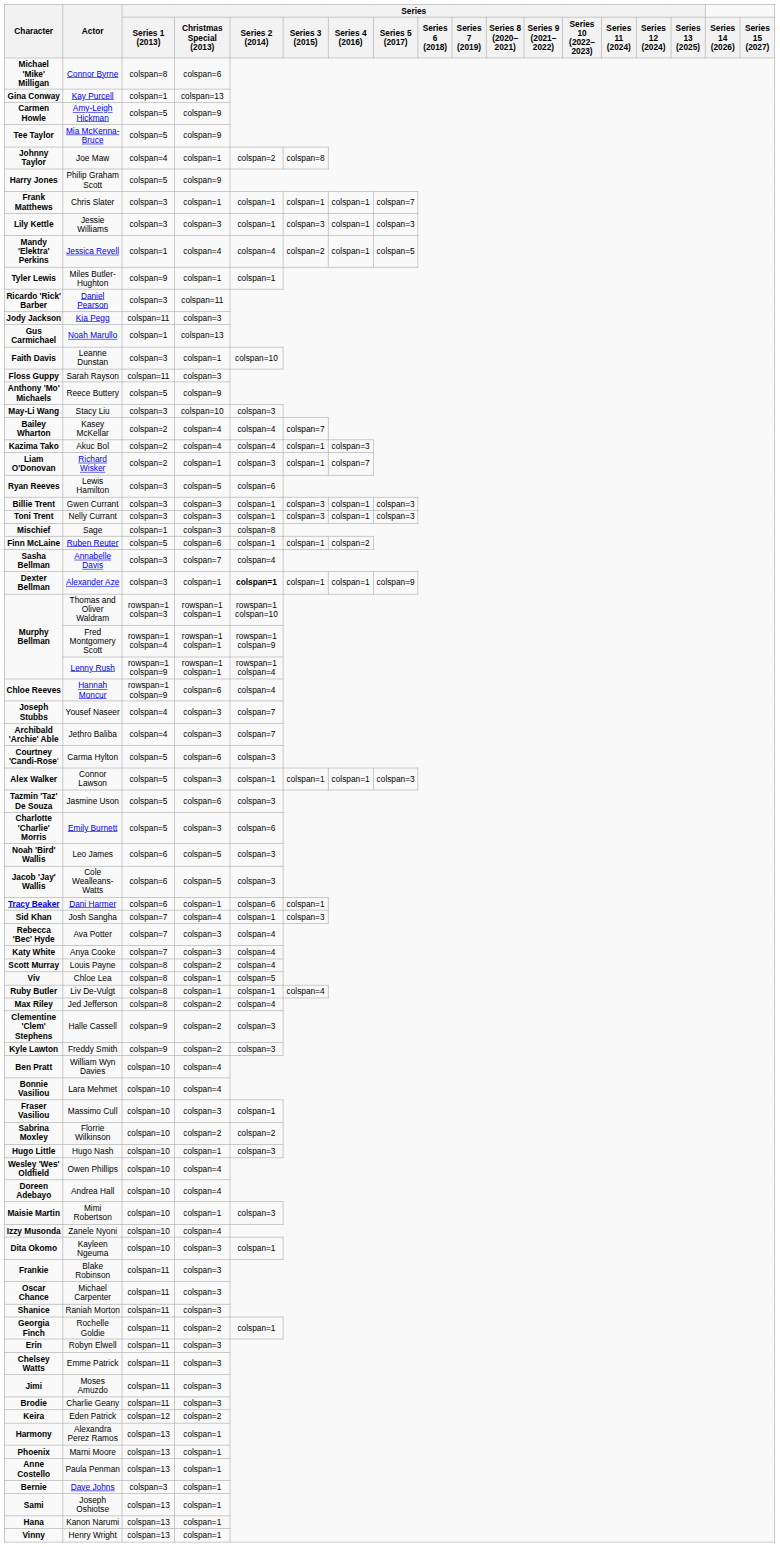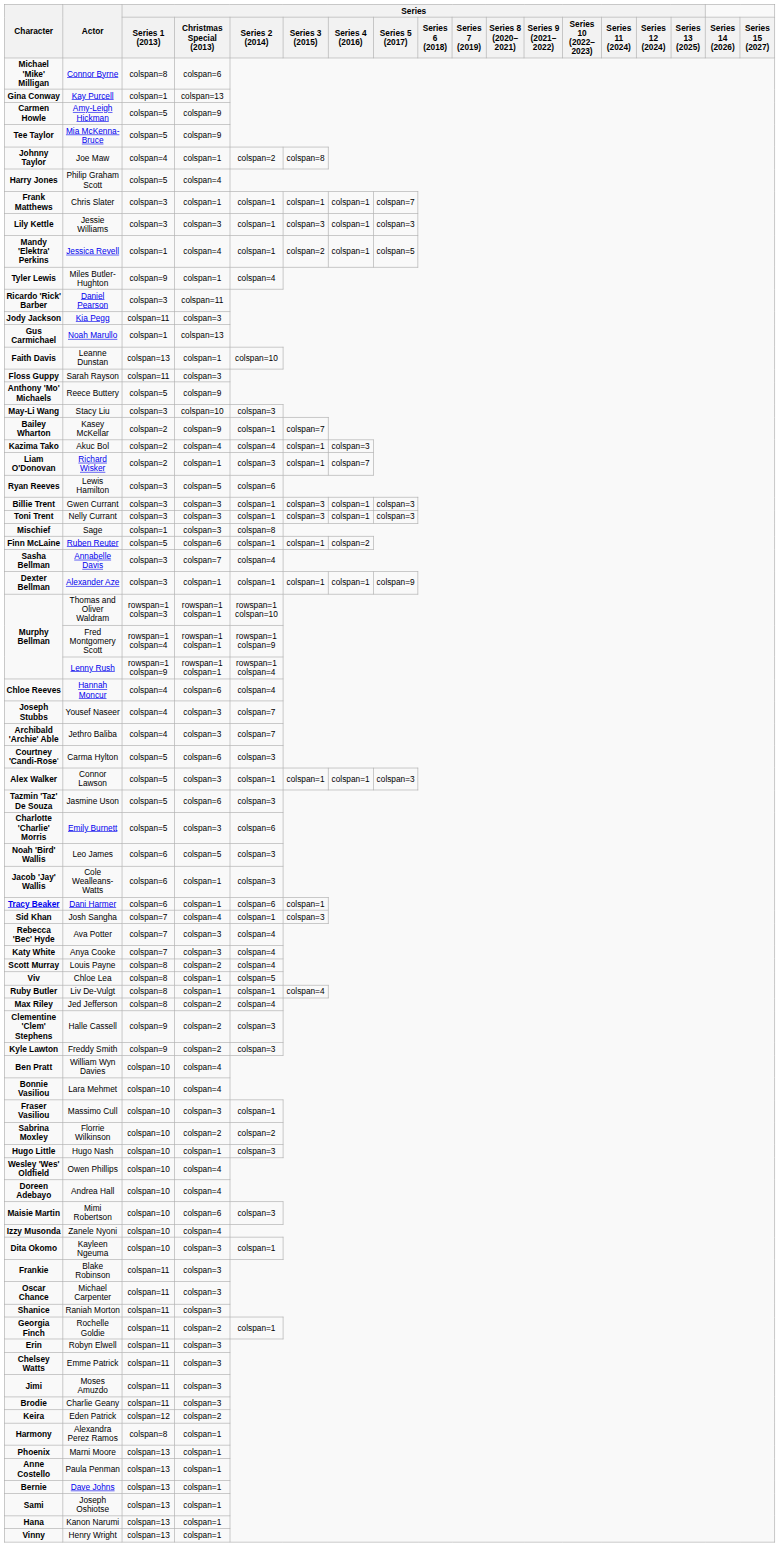 <table class="wikitable" style="text-align:center; width:100%; font-size:85%">
 <tr>
 <th rowspan="2">Character</th>
 <th rowspan="2">Actor</th>
 <th colspan="14">Series</th>
 </tr>
 <tr>
 <th>Series 1 (2013)</th>
 <th>Christmas Special (2013)</th>
 <th>Series 2 (2014)</th>
 <th>Series 3 (2015)</th>
 <th>Series 4 (2016)</th>
 <th>Series 5 (2017)</th>
 <th>Series 6 (2018)</th>
 <th>Series 7 (2019)</th>
 <th>Series 8 (2020–2021)</th>
 <th>Series 9 (2021–2022)</th>
 <th>Series 10 (2022–2023)</th>
 <th>Series 11 (2024)</th>
 <th>Series 12 (2024)</th>
 <th>Series 13 (2025)</th>
 <th>Series 14 (2026)</th>
 <th>Series 15 (2027)</th>
 </tr>
 <tr>
 <td><strong>Michael 'Mike' Milligan</strong></td>
 <td><a href='#'>Connor Byrne</a></td>
 <td>colspan=8 </td>
 <td>colspan=6 </td>
 </tr>
 <tr>
 <td><strong>Gina Conway</strong></td>
 <td><a href='#'>Kay Purcell</a></td>
 <td>colspan=1 </td>
 <td>colspan=13 </td>
 </tr>
 <tr>
 <td><strong>Carmen Howle</strong></td>
 <td><a href='#'>Amy-Leigh Hickman</a></td>
 <td>colspan=5 </td>
 <td>colspan=9 </td>
 </tr>
 <tr>
 <td><strong>Tee Taylor</strong></td>
 <td><a href='#'>Mia McKenna-Bruce</a></td>
 <td>colspan=5 </td>
 <td>colspan=9 </td>
 </tr>
 <tr>
 <td><strong>Johnny Taylor</strong></td>
 <td>Joe Maw</td>
 <td>colspan=4 </td>
 <td>colspan=1 </td>
 <td>colspan=2 </td>
 <td>colspan=8 </td>
 </tr>
 <tr>
 <td><strong>Harry Jones</strong></td>
 <td>Philip Graham Scott</td>
 <td>colspan=5 </td>
-<td>colspan=9 </td>
+<td>colspan=4 </td>
 </tr>
 <tr>
 <td><strong>Frank Matthews</strong></td>
 <td>Chris Slater</td>
 <td>colspan=3 </td>
 <td>colspan=1 </td>
 <td>colspan=1 </td>
 <td>colspan=1 </td>
 <td>colspan=1 </td>
 <td>colspan=7 </td>
 </tr>
 <tr>
 <td><strong>Lily Kettle</strong></td>
 <td>Jessie Williams</td>
 <td>colspan=3 </td>
 <td>colspan=3 </td>
 <td>colspan=1 </td>
 <td>colspan=3 </td>
 <td>colspan=1 </td>
 <td>colspan=3 </td>
 </tr>
 <tr>
 <td><strong>Mandy 'Elektra' Perkins</strong></td>
 <td><a href='#'>Jessica Revell</a></td>
 <td>colspan=1 </td>
 <td>colspan=4 </td>
-<td>colspan=4 </td>
+<td>colspan=1 </td>
 <td>colspan=2 </td>
 <td>colspan=1 </td>
 <td>colspan=5 </td>
 </tr>
 <tr>
 <td><strong>Tyler Lewis</strong></td>
 <td>Miles Butler-Hughton</td>
 <td>colspan=9 </td>
 <td>colspan=1 </td>
-<td>colspan=1 </td>
+<td>colspan=4 </td>
 </tr>
 <tr>
 <td><strong>Ricardo 'Rick' Barber</strong></td>
 <td><a href='#'>Daniel Pearson</a></td>
 <td>colspan=3 </td>
 <td>colspan=11 </td>
 </tr>
 <tr>
 <td><strong>Jody Jackson</strong></td>
 <td><a href='#'>Kia Pegg</a></td>
 <td>colspan=11 </td>
 <td>colspan=3 </td>
 </tr>
 <tr>
 <td><strong>Gus Carmichael</strong></td>
 <td><a href='#'>Noah Marullo</a></td>
 <td>colspan=1 </td>
 <td>colspan=13 </td>
 </tr>
 <tr>
 <td><strong>Faith Davis</strong></td>
 <td>Leanne Dunstan</td>
-<td>colspan=3 </td>
+<td>colspan=13 </td>
 <td>colspan=1 </td>
 <td>colspan=10 </td>
 </tr>
 <tr>
 <td><strong>Floss Guppy</strong></td>
 <td>Sarah Rayson</td>
 <td>colspan=11 </td>
 <td>colspan=3 </td>
 </tr>
 <tr>
 <td><strong>Anthony 'Mo' Michaels</strong></td>
 <td>Reece Buttery</td>
 <td>colspan=5 </td>
 <td>colspan=9 </td>
 </tr>
 <tr>
 <td><strong>May-Li Wang</strong></td>
 <td>Stacy Liu</td>
 <td>colspan=3 </td>
 <td>colspan=10 </td>
 <td>colspan=3 </td>
 </tr>
 <tr>
 <td><strong>Bailey Wharton</strong></td>
 <td>Kasey McKellar</td>
 <td>colspan=2 </td>
-<td>colspan=4 </td>
-<td>colspan=4 </td>
+<td>colspan=9 </td>
+<td>colspan=1 </td>
 <td>colspan=7 </td>
 </tr>
 <tr>
 <td><strong>Kazima Tako</strong></td>
 <td>Akuc Bol</td>
 <td>colspan=2 </td>
 <td>colspan=4 </td>
 <td>colspan=4 </td>
 <td>colspan=1 </td>
 <td>colspan=3 </td>
 </tr>
 <tr>
 <td><strong>Liam O'Donovan</strong></td>
 <td><a href='#'>Richard Wisker</a></td>
 <td>colspan=2 </td>
 <td>colspan=1 </td>
 <td>colspan=3 </td>
 <td>colspan=1 </td>
 <td>colspan=7 </td>
 </tr>
 <tr>
 <td><strong>Ryan Reeves</strong></td>
 <td>Lewis Hamilton</td>
 <td>colspan=3 </td>
 <td>colspan=5 </td>
 <td>colspan=6 </td>
 </tr>
 <tr>
 <td><strong>Billie Trent</strong></td>
 <td>Gwen Currant</td>
 <td>colspan=3 </td>
 <td>colspan=3 </td>
 <td>colspan=1 </td>
 <td>colspan=3 </td>
 <td>colspan=1 </td>
 <td>colspan=3 </td>
 </tr>
 <tr>
 <td><strong>Toni Trent</strong></td>
 <td>Nelly Currant</td>
 <td>colspan=3 </td>
 <td>colspan=3 </td>
 <td>colspan=1 </td>
 <td>colspan=3 </td>
 <td>colspan=1 </td>
 <td>colspan=3 </td>
 </tr>
 <tr>
 <td><strong>Mischief</strong></td>
 <td>Sage</td>
 <td>colspan=1 </td>
 <td>colspan=3 </td>
 <td>colspan=8 </td>
 </tr>
 <tr>
 <td><strong>Finn McLaine</strong></td>
 <td><a href='#'>Ruben Reuter</a></td>
 <td>colspan=5 </td>
 <td>colspan=6 </td>
 <td>colspan=1 </td>
 <td>colspan=1 </td>
 <td>colspan=2 </td>
 </tr>
 <tr>
 <td><strong>Sasha Bellman</strong></td>
 <td><a href='#'>Annabelle Davis</a></td>
 <td>colspan=3 </td>
 <td>colspan=7 </td>
 <td>colspan=4 </td>
 </tr>
 <tr>
 <td><strong>Dexter Bellman</strong></td>
 <td><a href='#'>Alexander Aze</a></td>
 <td>colspan=3 </td>
 <td>colspan=1 </td>
-<td><strong>colspan=1 </strong></td>
+<td>colspan=1 </td>
 <td>colspan=1 </td>
 <td>colspan=1 </td>
 <td>colspan=9 </td>
 </tr>
 <tr>
 <td rowspan=3><strong>Murphy Bellman</strong></td>
 <td>Thomas and Oliver Waldram</td>
 <td>rowspan=1 colspan=3 </td>
 <td>rowspan=1 colspan=1 </td>
 <td>rowspan=1 colspan=10 </td>
 </tr>
 <tr>
 <td>Fred Montgomery Scott</td>
 <td>rowspan=1 colspan=4 </td>
 <td>rowspan=1 colspan=1 </td>
 <td>rowspan=1 colspan=9 </td>
 </tr>
 <tr>
 <td><a href='#'>Lenny Rush</a></td>
 <td>rowspan=1 colspan=9 </td>
 <td>rowspan=1 colspan=1 </td>
 <td>rowspan=1 colspan=4 </td>
 </tr>
 <tr>
 <td><strong>Chloe Reeves</strong></td>
 <td><a href='#'>Hannah Moncur</a></td>
-<td>rowspan=1 colspan=9 </td>
+<td>colspan=4 </td>
 <td>colspan=6 </td>
 <td>colspan=4 </td>
 </tr>
 <tr>
 <td><strong>Joseph Stubbs</strong></td>
 <td>Yousef Naseer</td>
 <td>colspan=4 </td>
 <td>colspan=3 </td>
 <td>colspan=7 </td>
 </tr>
 <tr>
 <td><strong>Archibald 'Archie' Able</strong></td>
 <td>Jethro Baliba</td>
 <td>colspan=4 </td>
 <td>colspan=3 </td>
 <td>colspan=7 </td>
 </tr>
 <tr>
 <td><strong>Courtney 'Candi-Rose</strong>'</td>
 <td>Carma Hylton</td>
 <td>colspan=5 </td>
 <td>colspan=6 </td>
 <td>colspan=3 </td>
 </tr>
 <tr>
 <td><strong>Alex Walker</strong></td>
 <td>Connor Lawson</td>
 <td>colspan=5 </td>
 <td>colspan=3 </td>
 <td>colspan=1 </td>
 <td>colspan=1 </td>
 <td>colspan=1 </td>
 <td>colspan=3 </td>
 </tr>
 <tr>
 <td><strong>Tazmin 'Taz' De Souza</strong></td>
 <td>Jasmine Uson</td>
 <td>colspan=5 </td>
 <td>colspan=6 </td>
 <td>colspan=3 </td>
 </tr>
 <tr>
 <td><strong>Charlotte 'Charlie' Morris</strong></td>
 <td><a href='#'>Emily Burnett</a></td>
 <td>colspan=5 </td>
 <td>colspan=3 </td>
 <td>colspan=6 </td>
 </tr>
 <tr>
 <td><strong>Noah 'Bird' Wallis</strong></td>
 <td>Leo James</td>
 <td>colspan=6 </td>
 <td>colspan=5 </td>
 <td>colspan=3 </td>
 </tr>
 <tr>
 <td><strong>Jacob 'Jay' Wallis</strong></td>
 <td>Cole Wealleans-Watts</td>
 <td>colspan=6 </td>
-<td>colspan=5 </td>
+<td>colspan=1 </td>
 <td>colspan=3 </td>
 </tr>
 <tr>
 <td><strong><a href='#'>Tracy Beaker</a></strong></td>
 <td><a href='#'>Dani Harmer</a></td>
 <td>colspan=6 </td>
 <td>colspan=1 </td>
 <td>colspan=6 </td>
 <td>colspan=1 </td>
 </tr>
 <tr>
 <td><strong>Sid Khan</strong></td>
 <td>Josh Sangha</td>
 <td>colspan=7 </td>
 <td>colspan=4 </td>
 <td>colspan=1 </td>
 <td>colspan=3 </td>
 </tr>
 <tr>
 <td><strong>Rebecca 'Bec' Hyde</strong></td>
 <td>Ava Potter</td>
 <td>colspan=7 </td>
 <td>colspan=3 </td>
 <td>colspan=4 </td>
 </tr>
 <tr>
 <td><strong>Katy White</strong></td>
 <td>Anya Cooke</td>
 <td>colspan=7 </td>
 <td>colspan=3 </td>
 <td>colspan=4 </td>
 </tr>
 <tr>
 <td><strong>Scott Murray</strong></td>
 <td>Louis Payne</td>
 <td>colspan=8 </td>
 <td>colspan=2 </td>
 <td>colspan=4 </td>
 </tr>
 <tr>
 <td><strong>Viv</strong></td>
 <td>Chloe Lea</td>
 <td>colspan=8</td>
 <td>colspan=1 </td>
 <td>colspan=5 </td>
 </tr>
 <tr>
 <td><strong>Ruby Butler</strong></td>
 <td>Liv De-Vulgt</td>
 <td>colspan=8 </td>
 <td>colspan=1 </td>
 <td>colspan=1 </td>
 <td>colspan=4 </td>
 </tr>
 <tr>
 <td><strong>Max Riley</strong></td>
 <td>Jed Jefferson</td>
 <td>colspan=8 </td>
 <td>colspan=2 </td>
 <td>colspan=4 </td>
 </tr>
 <tr>
 <td><strong>Clementine 'Clem' Stephens</strong></td>
 <td>Halle Cassell</td>
 <td>colspan=9 </td>
 <td>colspan=2 </td>
 <td>colspan=3 </td>
 </tr>
 <tr>
 <td><strong>Kyle Lawton</strong></td>
 <td>Freddy Smith</td>
 <td>colspan=9 </td>
 <td>colspan=2 </td>
 <td>colspan=3 </td>
 </tr>
 <tr>
 <td><strong>Ben Pratt</strong></td>
 <td>William Wyn Davies</td>
 <td>colspan=10 </td>
 <td>colspan=4 </td>
 </tr>
 <tr>
 <td><strong>Bonnie Vasiliou</strong></td>
 <td>Lara Mehmet</td>
 <td>colspan=10 </td>
 <td>colspan=4 </td>
 </tr>
 <tr>
 <td><strong>Fraser Vasiliou</strong></td>
 <td>Massimo Cull</td>
 <td>colspan=10 </td>
 <td>colspan=3 </td>
 <td>colspan=1 </td>
 </tr>
 <tr>
 <td><strong>Sabrina Moxley</strong></td>
 <td>Florrie Wilkinson</td>
 <td>colspan=10 </td>
 <td>colspan=2 </td>
 <td>colspan=2 </td>
 </tr>
 <tr>
 <td><strong>Hugo Little</strong></td>
 <td>Hugo Nash</td>
 <td>colspan=10 </td>
 <td>colspan=1 </td>
 <td>colspan=3 </td>
 </tr>
 <tr>
 <td><strong>Wesley 'Wes' Oldfield</strong></td>
 <td>Owen Phillips</td>
 <td>colspan=10 </td>
 <td>colspan=4 </td>
 </tr>
 <tr>
 <td><strong>Doreen Adebayo</strong></td>
 <td>Andrea Hall</td>
 <td>colspan=10 </td>
 <td>colspan=4 </td>
 </tr>
 <tr>
 <td><strong>Maisie Martin</strong></td>
 <td>Mimi Robertson</td>
 <td>colspan=10 </td>
-<td>colspan=1 </td>
+<td>colspan=6 </td>
 <td>colspan=3 </td>
 </tr>
 <tr>
 <td><strong>Izzy Musonda</strong></td>
 <td>Zanele Nyoni</td>
 <td>colspan=10 </td>
 <td>colspan=4 </td>
 </tr>
 <tr>
 <td><strong>Dita Okomo</strong></td>
 <td>Kayleen Ngeuma</td>
 <td>colspan=10 </td>
 <td>colspan=3 </td>
 <td>colspan=1 </td>
 </tr>
 <tr>
 <td><strong>Frankie</strong></td>
 <td>Blake Robinson</td>
 <td>colspan=11 </td>
 <td>colspan=3 </td>
 </tr>
 <tr>
 <td><strong>Oscar Chance</strong></td>
 <td>Michael Carpenter</td>
 <td>colspan=11 </td>
 <td>colspan=3 </td>
 </tr>
 <tr>
 <td><strong>Shanice</strong></td>
 <td>Raniah Morton</td>
 <td>colspan=11 </td>
 <td>colspan=3 </td>
 </tr>
 <tr>
 <td><strong>Georgia Finch</strong></td>
 <td>Rochelle Goldie</td>
 <td>colspan=11 </td>
 <td>colspan=2 </td>
 <td>colspan=1 </td>
 </tr>
 <tr>
 <td><strong>Erin</strong></td>
 <td>Robyn Elwell</td>
 <td>colspan=11 </td>
 <td>colspan=3 </td>
 </tr>
 <tr>
 <td><strong>Chelsey Watts</strong></td>
 <td>Emme Patrick</td>
 <td>colspan=11 </td>
 <td>colspan=3 </td>
 </tr>
 <tr>
 <td><strong>Jimi</strong></td>
 <td>Moses Amuzdo</td>
 <td>colspan=11 </td>
 <td>colspan=3 </td>
 </tr>
 <tr>
 <td><strong>Brodie</strong></td>
 <td>Charlie Geany</td>
 <td>colspan=11 </td>
 <td>colspan=3 </td>
 </tr>
 <tr>
 <td><strong>Keira</strong></td>
 <td>Eden Patrick</td>
 <td>colspan=12 </td>
 <td>colspan=2 </td>
 </tr>
 <tr>
 <td><strong>Harmony</strong></td>
 <td>Alexandra Perez Ramos</td>
-<td>colspan=13 </td>
+<td>colspan=8 </td>
 <td>colspan=1 </td>
 </tr>
 <tr>
 <td><strong>Phoenix</strong></td>
 <td>Marni Moore</td>
 <td>colspan=13 </td>
 <td>colspan=1 </td>
 </tr>
 <tr>
 <td><strong>Anne Costello</strong></td>
 <td>Paula Penman</td>
 <td>colspan=13 </td>
 <td>colspan=1 </td>
 </tr>
 <tr>
 <td><strong>Bernie</strong></td>
 <td><a href='#'>Dave Johns</a></td>
-<td>colspan=3 </td>
+<td>colspan=13 </td>
 <td>colspan=1 </td>
 </tr>
 <tr>
 <td><strong>Sami</strong></td>
 <td>Joseph Oshiotse</td>
 <td>colspan=13 </td>
 <td>colspan=1 </td>
 </tr>
 <tr>
 <td><strong>Hana</strong></td>
 <td>Kanon Narumi</td>
 <td>colspan=13 </td>
 <td>colspan=1 </td>
 </tr>
 <tr>
 <td><strong>Vinny</strong></td>
 <td>Henry Wright</td>
 <td>colspan=13 </td>
 <td>colspan=1 </td>
 </tr>
 </table>
